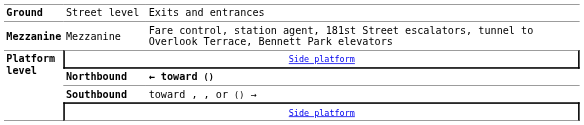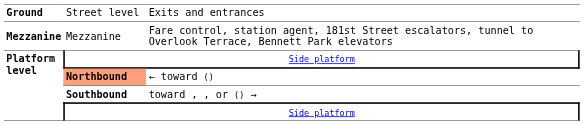 <table border="0" cellspacing="0" cellpadding="3">
 <tr>
 <td style="border-top:solid 1px gray;" width=50><strong>Ground</strong></td>
 <td style="border-top:solid 1px gray;" width=100>Street level</td>
 <td style="border-top:solid 1px gray;" width=550>Exits and entrances<br></td>
 </tr>
 <tr>
 <td style="border-top:solid 1px gray;"><strong>Mezzanine</strong></td>
 <td style="border-top:solid 1px gray;">Mezzanine</td>
 <td style="border-top:solid 1px gray;">Fare control, station agent, 181st Street escalators, tunnel to Overlook Terrace, Bennett Park elevators</td>
 </tr>
 <tr>
 <td rowspan="4" style="border-top:solid 1px gray;border-bottom:solid 1px gray;"valign="top"><strong>Platform level</strong></td>
 <td colspan="2" style="border-top:solid 1px gray;border-right:solid 2px black;border-left:solid 2px black;border-bottom:solid 2px black;text-align:center;"><small><a href='#'>Side platform</a> </small></td>
 </tr>
 <tr>
-<td style="border-bottom:solid 1px gray;"><span><strong>Northbound</strong></span></td>
-<td style="border-bottom:solid 1px gray;"><strong>←  toward  <small>()</small></strong></td>
+<td style="background: lightsalmon; border-bottom:solid 1px gray;"><span><strong>Northbound</strong></span></td>
+<td style="border-bottom:solid 1px gray;">←  toward  <small>()</small></td>
 </tr>
 <tr>
 <td><span><strong>Southbound</strong></span></td>
 <td>  toward , , or  <small>()</small> →</td>
 </tr>
 <tr>
 <td colspan="2" style="border-top:solid 2px black;border-right:solid 2px black;border-left:solid 2px black;border-bottom:solid 1px gray;text-align:center;"><small><a href='#'>Side platform</a> </small></td>
 </tr>
 </table>
